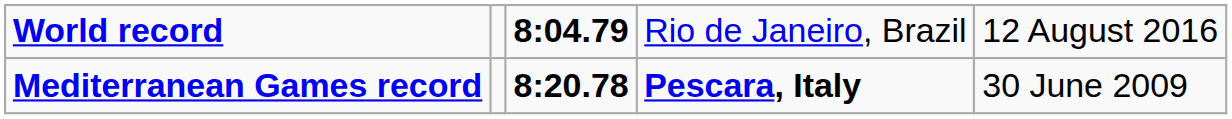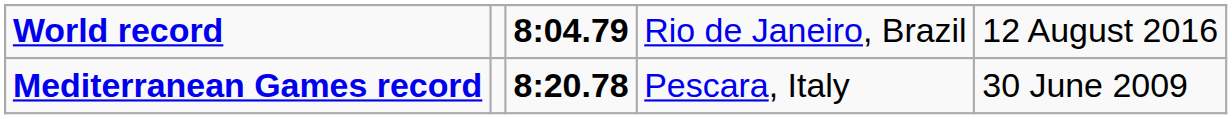 <table class="wikitable">
 <tr>
 <td><strong><a href='#'>World record</a></strong></td>
 <td></td>
 <td><strong>8:04.79</strong></td>
 <td><a href='#'>Rio de Janeiro</a>, Brazil</td>
 <td>12 August 2016</td>
 </tr>
 <tr>
 <td><strong><a href='#'>Mediterranean Games record</a></strong></td>
 <td></td>
 <td><strong>8:20.78</strong></td>
-<td><strong><a href='#'>Pescara</a>, Italy</strong></td>
+<td><a href='#'>Pescara</a>, Italy</td>
 <td>30 June 2009</td>
 </tr>
 </table>
